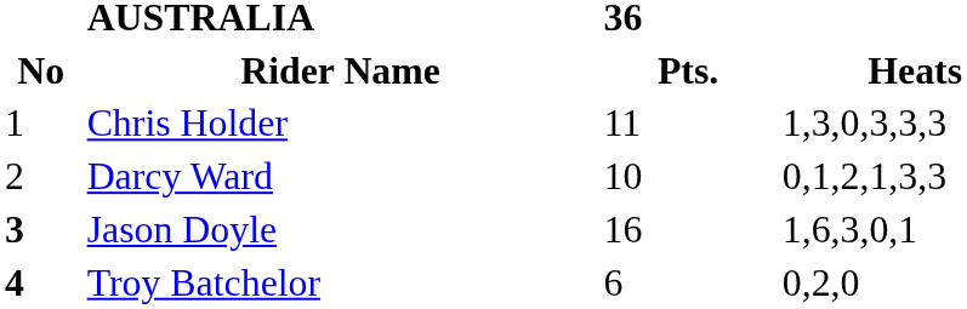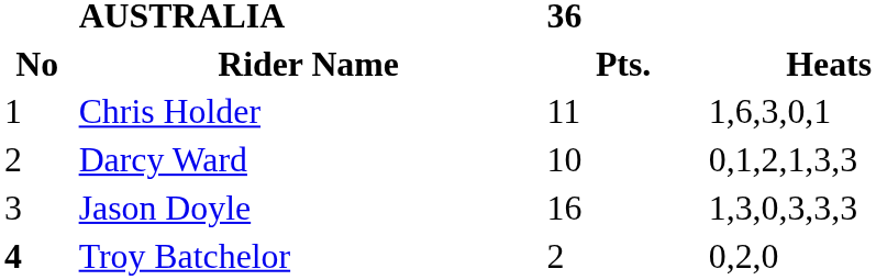 <table class="toccolours">
 <tr>
 <td></td>
 <td><strong>AUSTRALIA</strong></td>
 <td><strong>36</strong></td>
 </tr>
 <tr style="background-color:">
 <th width=30px>No</th>
 <th width=210px>Rider Name</th>
 <th width=70px>Pts.</th>
 <th width=110px>Heats</th>
 </tr>
 <tr style="background-color:">
 <td>1</td>
 <td><a href='#'>Chris Holder</a></td>
 <td>11</td>
-<td>1,3,0,3,3,3</td>
+<td>1,6,3,0,1</td>
 </tr>
 <tr style="background-color:">
 <td>2</td>
 <td><a href='#'>Darcy Ward</a></td>
 <td>10</td>
 <td>0,1,2,1,3,3</td>
 </tr>
 <tr style="background-color:">
-<td><strong>3</strong></td>
+<td>3</td>
 <td><a href='#'>Jason Doyle</a></td>
 <td>16</td>
-<td>1,6,3,0,1</td>
+<td>1,3,0,3,3,3</td>
 </tr>
 <tr style="background-color:">
 <td><strong>4</strong></td>
 <td><a href='#'>Troy Batchelor</a></td>
-<td>6</td>
+<td>2</td>
 <td>0,2,0</td>
 </tr>
 </table>
